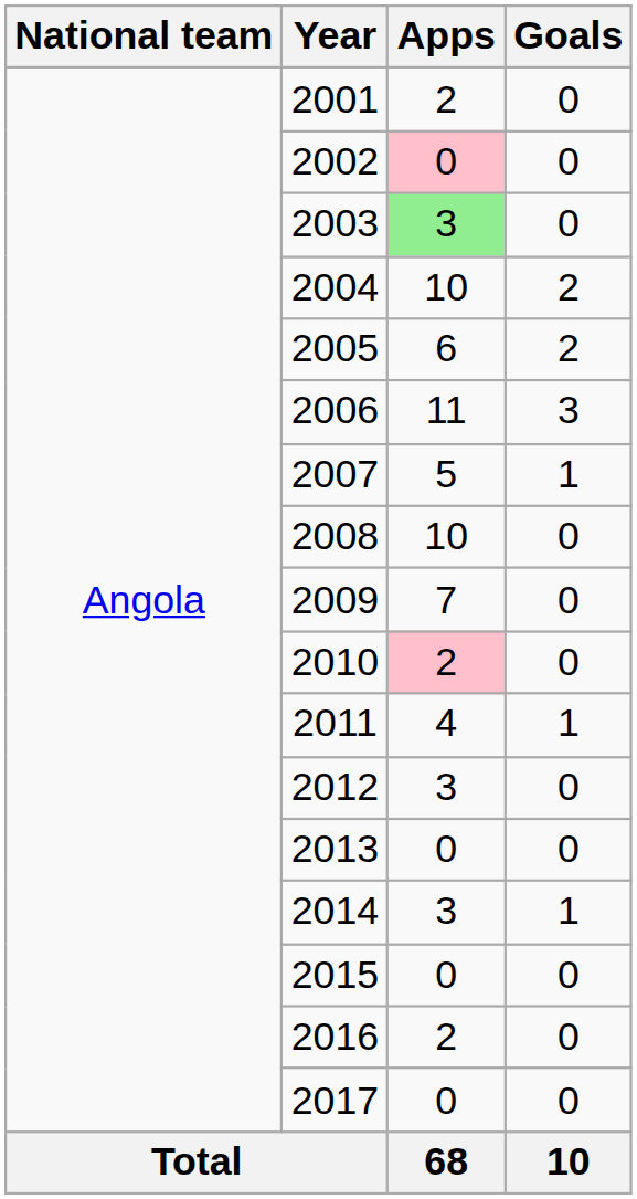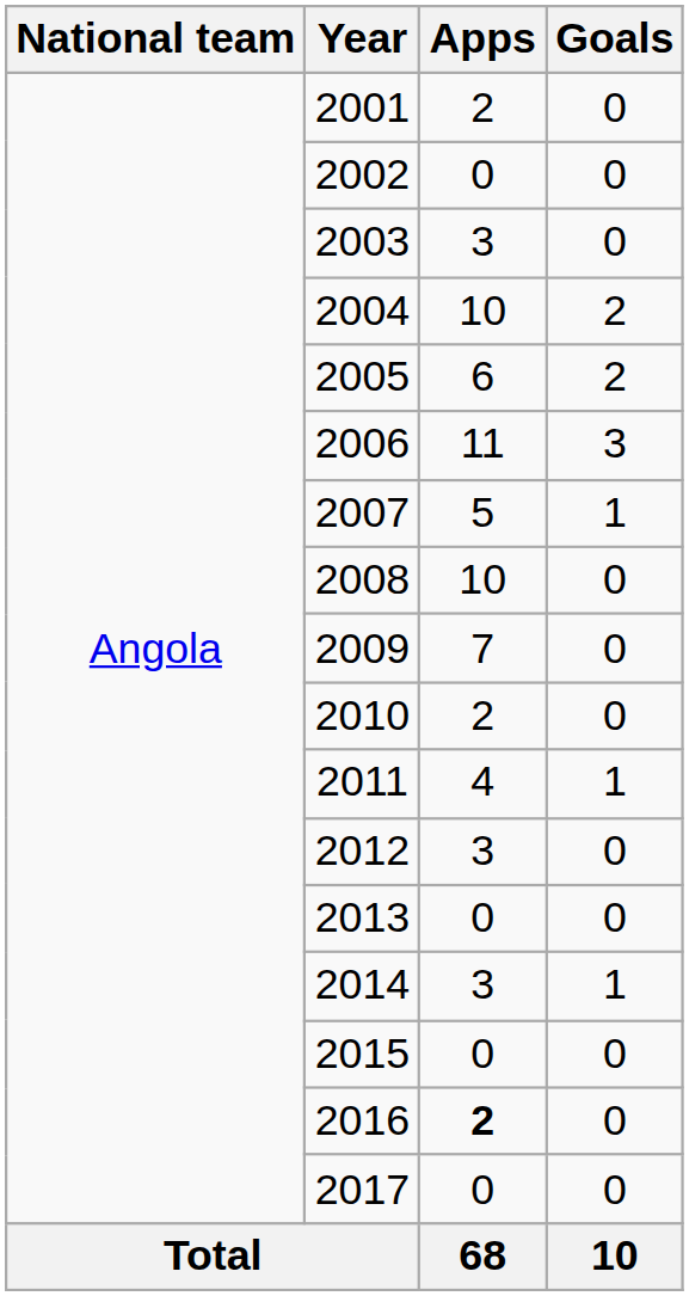 <table class="wikitable" style="text-align:center">
 <tr>
 <th>National team</th>
 <th>Year</th>
 <th>Apps</th>
 <th>Goals</th>
 </tr>
 <tr>
 <td rowspan="17"><a href='#'>Angola</a></td>
 <td>2001</td>
 <td>2</td>
 <td>0</td>
 </tr>
 <tr>
 <td>2002</td>
-<td style="background: pink;">0</td>
+<td>0</td>
 <td>0</td>
 </tr>
 <tr>
 <td>2003</td>
-<td style="background: lightgreen;">3</td>
+<td>3</td>
 <td>0</td>
 </tr>
 <tr>
 <td>2004</td>
 <td>10</td>
 <td>2</td>
 </tr>
 <tr>
 <td>2005</td>
 <td>6</td>
 <td>2</td>
 </tr>
 <tr>
 <td>2006</td>
 <td>11</td>
 <td>3</td>
 </tr>
 <tr>
 <td>2007</td>
 <td>5</td>
 <td>1</td>
 </tr>
 <tr>
 <td>2008</td>
 <td>10</td>
 <td>0</td>
 </tr>
 <tr>
 <td>2009</td>
 <td>7</td>
 <td>0</td>
 </tr>
 <tr>
 <td>2010</td>
-<td style="background: pink;">2</td>
+<td>2</td>
 <td>0</td>
 </tr>
 <tr>
 <td>2011</td>
 <td>4</td>
 <td>1</td>
 </tr>
 <tr>
 <td>2012</td>
 <td>3</td>
 <td>0</td>
 </tr>
 <tr>
 <td>2013</td>
 <td>0</td>
 <td>0</td>
 </tr>
 <tr>
 <td>2014</td>
 <td>3</td>
 <td>1</td>
 </tr>
 <tr>
 <td>2015</td>
 <td>0</td>
 <td>0</td>
 </tr>
 <tr>
 <td>2016</td>
-<td>2</td>
+<td><strong>2</strong></td>
 <td>0</td>
 </tr>
 <tr>
 <td>2017</td>
 <td>0</td>
 <td>0</td>
 </tr>
 <tr>
 <th colspan="2">Total</th>
 <th>68</th>
 <th>10</th>
 </tr>
 </table>
